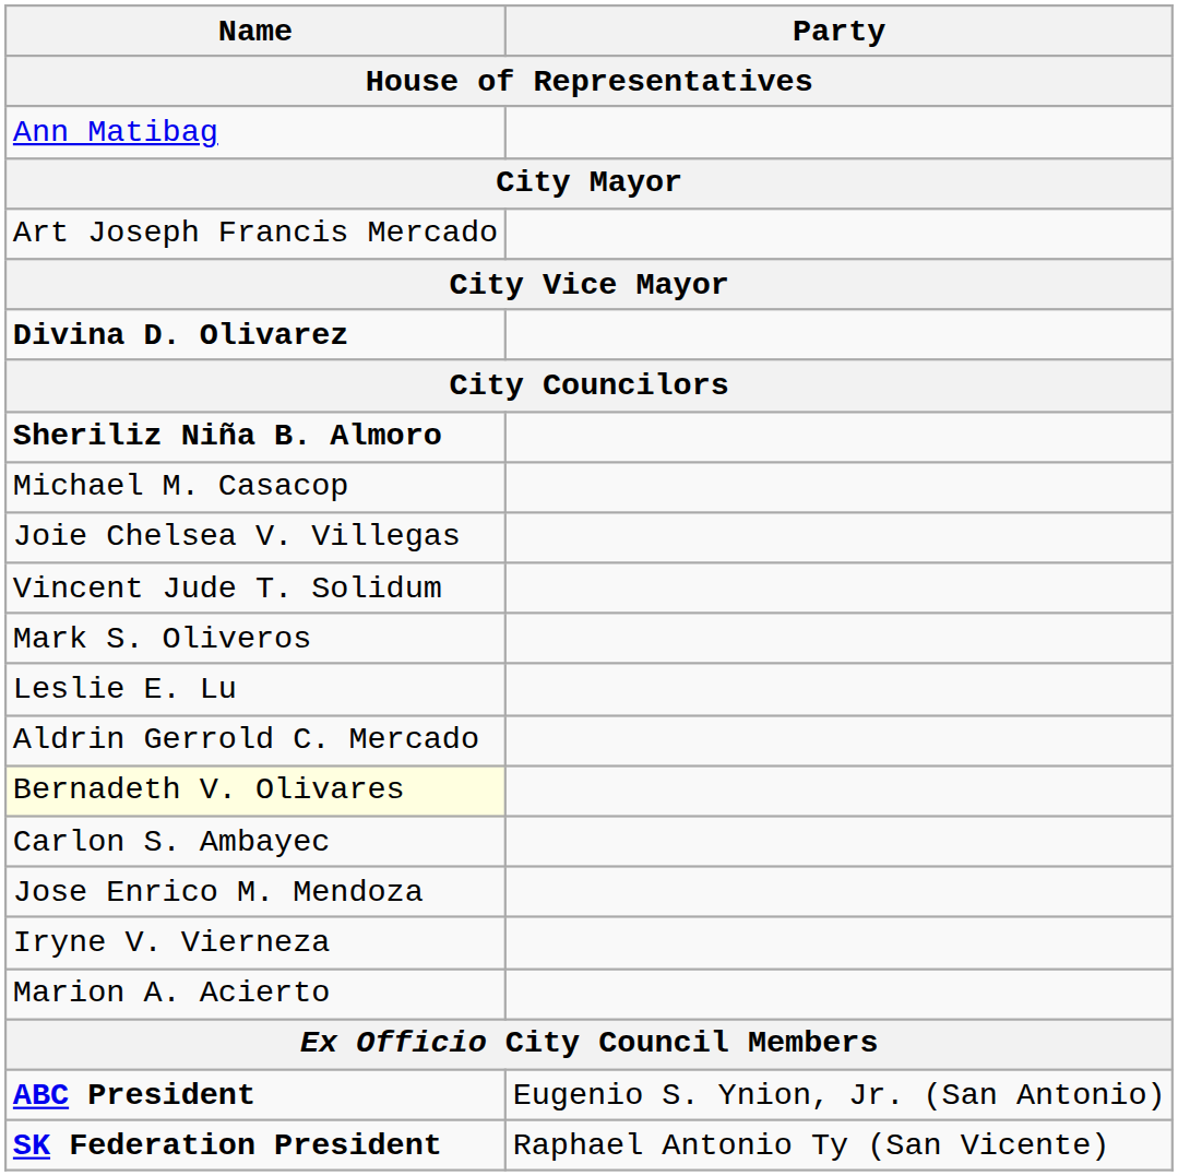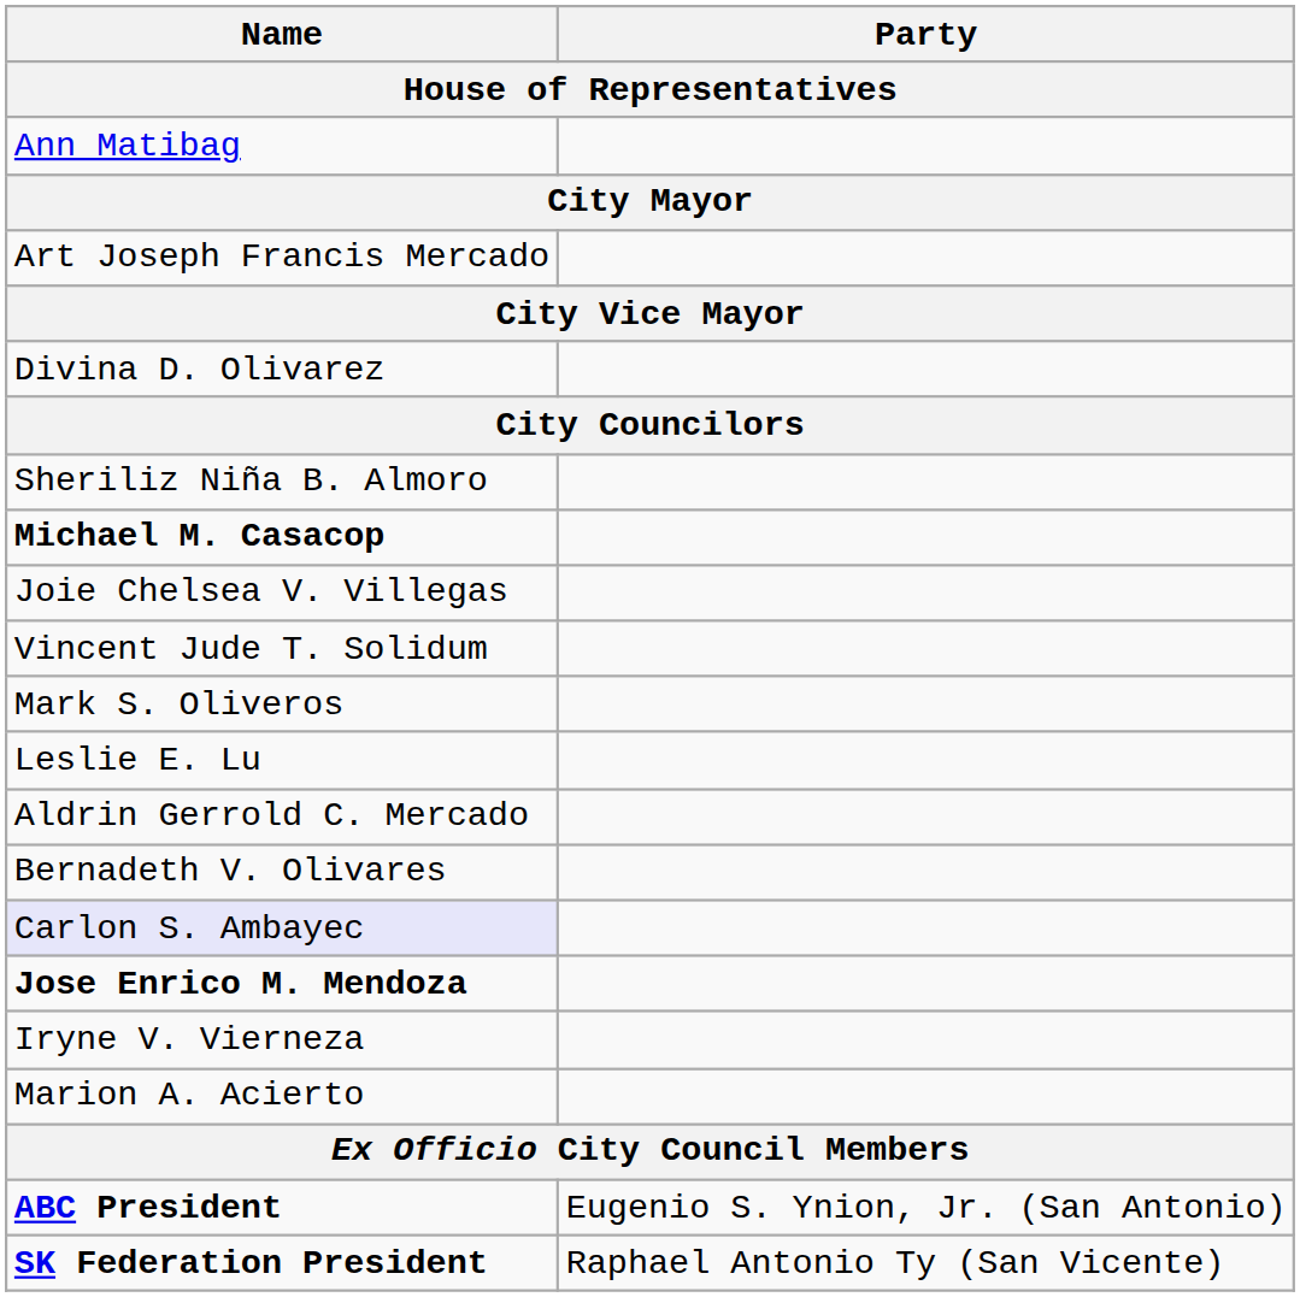 <table class=wikitable>
 <tr>
 <th>Name</th>
 <th colspan=2>Party</th>
 </tr>
 <tr>
 <th colspan=3>House of Representatives</th>
 </tr>
 <tr>
 <td><a href='#'>Ann Matibag</a></td>
 <td></td>
 </tr>
 <tr>
 <th colspan=3>City Mayor</th>
 </tr>
 <tr>
 <td>Art Joseph Francis Mercado</td>
 <td></td>
 </tr>
 <tr>
 <th colspan=3>City Vice Mayor</th>
 </tr>
 <tr>
-<td><strong>Divina D. Olivarez</strong></td>
+<td>Divina D. Olivarez</td>
 <td></td>
 </tr>
 <tr>
 <th colspan=3>City Councilors</th>
 </tr>
 <tr>
-<td><strong>Sheriliz Niña B. Almoro</strong></td>
+<td>Sheriliz Niña B. Almoro</td>
 <td></td>
 </tr>
 <tr>
-<td>Michael M. Casacop</td>
+<td><strong>Michael M. Casacop</strong></td>
 <td></td>
 </tr>
 <tr>
 <td>Joie Chelsea V. Villegas</td>
 <td></td>
 </tr>
 <tr>
 <td>Vincent Jude T. Solidum</td>
 <td></td>
 </tr>
 <tr>
 <td>Mark S. Oliveros</td>
 <td></td>
 </tr>
 <tr>
 <td>Leslie E. Lu</td>
 <td></td>
 </tr>
 <tr>
 <td>Aldrin Gerrold C. Mercado</td>
 <td></td>
 </tr>
 <tr>
-<td style="background: lightyellow;">Bernadeth V. Olivares</td>
+<td>Bernadeth V. Olivares</td>
 <td></td>
 </tr>
 <tr>
-<td>Carlon S. Ambayec</td>
+<td style="background: lavender;">Carlon S. Ambayec</td>
 <td></td>
 </tr>
 <tr>
-<td>Jose Enrico M. Mendoza</td>
+<td><strong>Jose Enrico M. Mendoza</strong></td>
 <td></td>
 </tr>
 <tr>
 <td>Iryne V. Vierneza</td>
 <td></td>
 </tr>
 <tr>
 <td>Marion A. Acierto</td>
 <td></td>
 </tr>
 <tr>
 <th colspan=4><em>Ex Officio</em> City Council Members</th>
 </tr>
 <tr>
 <td><strong><a href='#'>ABC</a> President</strong></td>
 <td colspan=3>Eugenio S. Ynion, Jr. (San Antonio)<br></td>
 </tr>
 <tr>
 <td><strong><a href='#'>SK</a> Federation President</strong></td>
 <td colspan=3>Raphael Antonio Ty (San Vicente)<br></td>
 </tr>
 </table>
